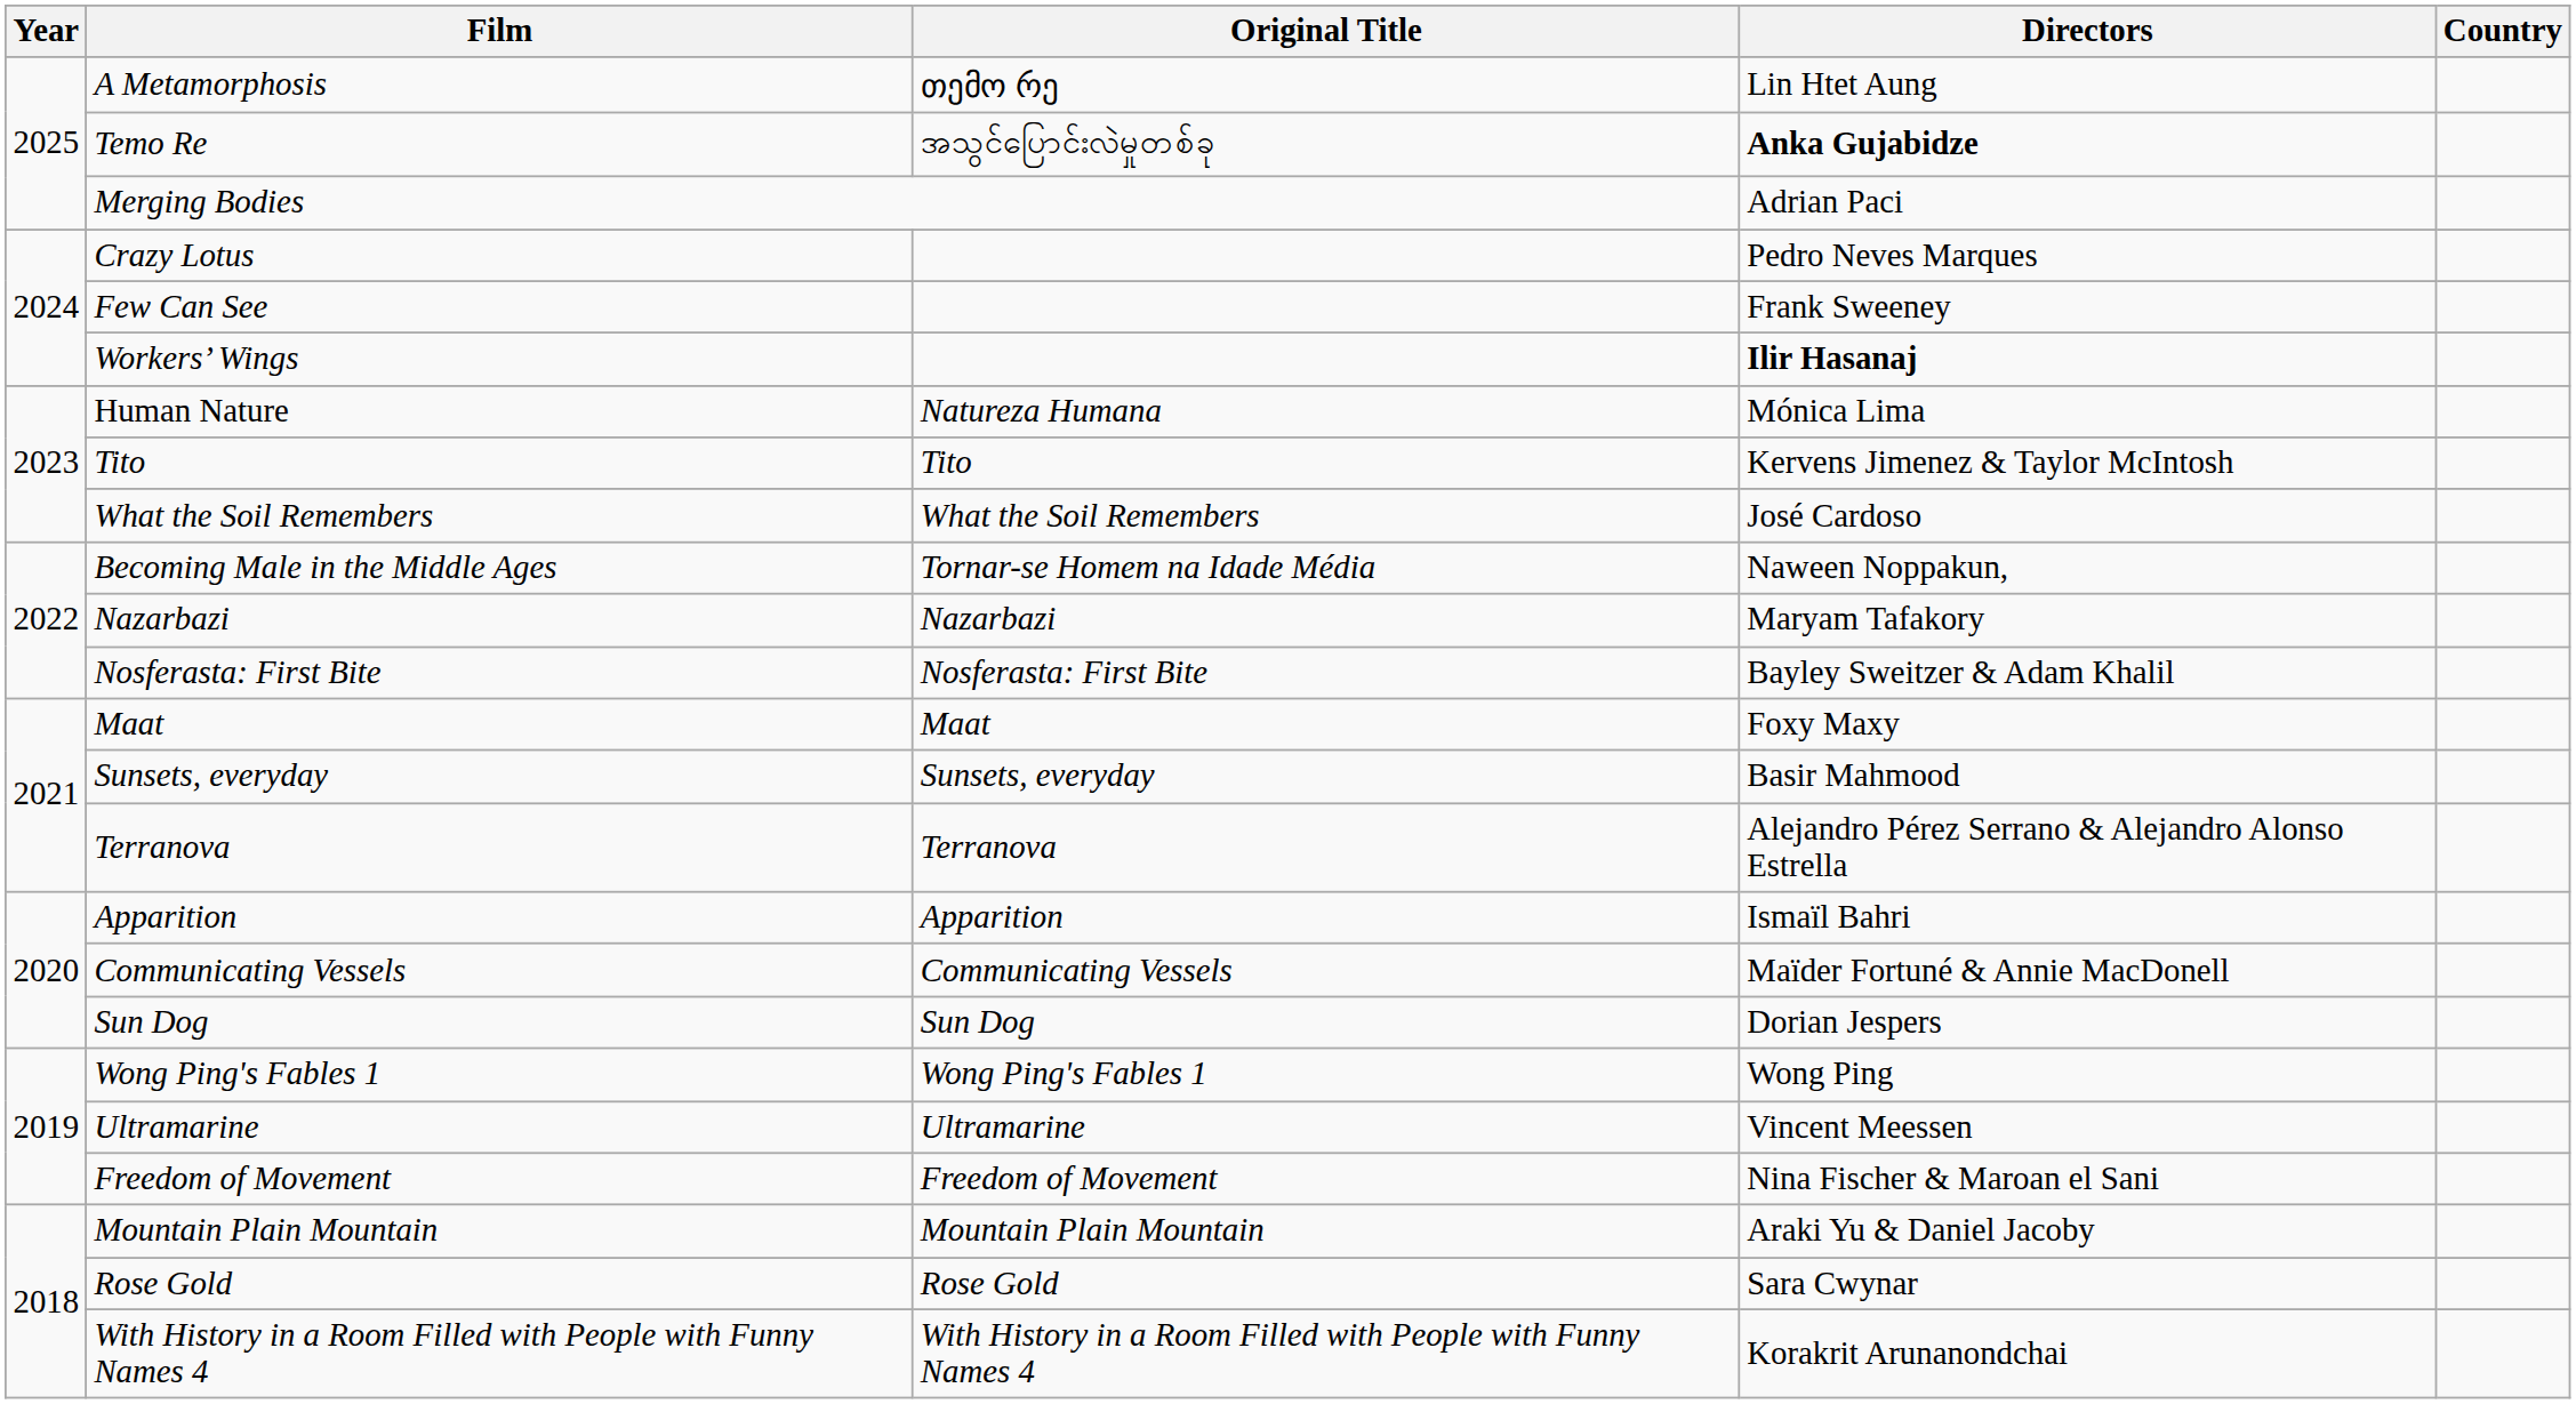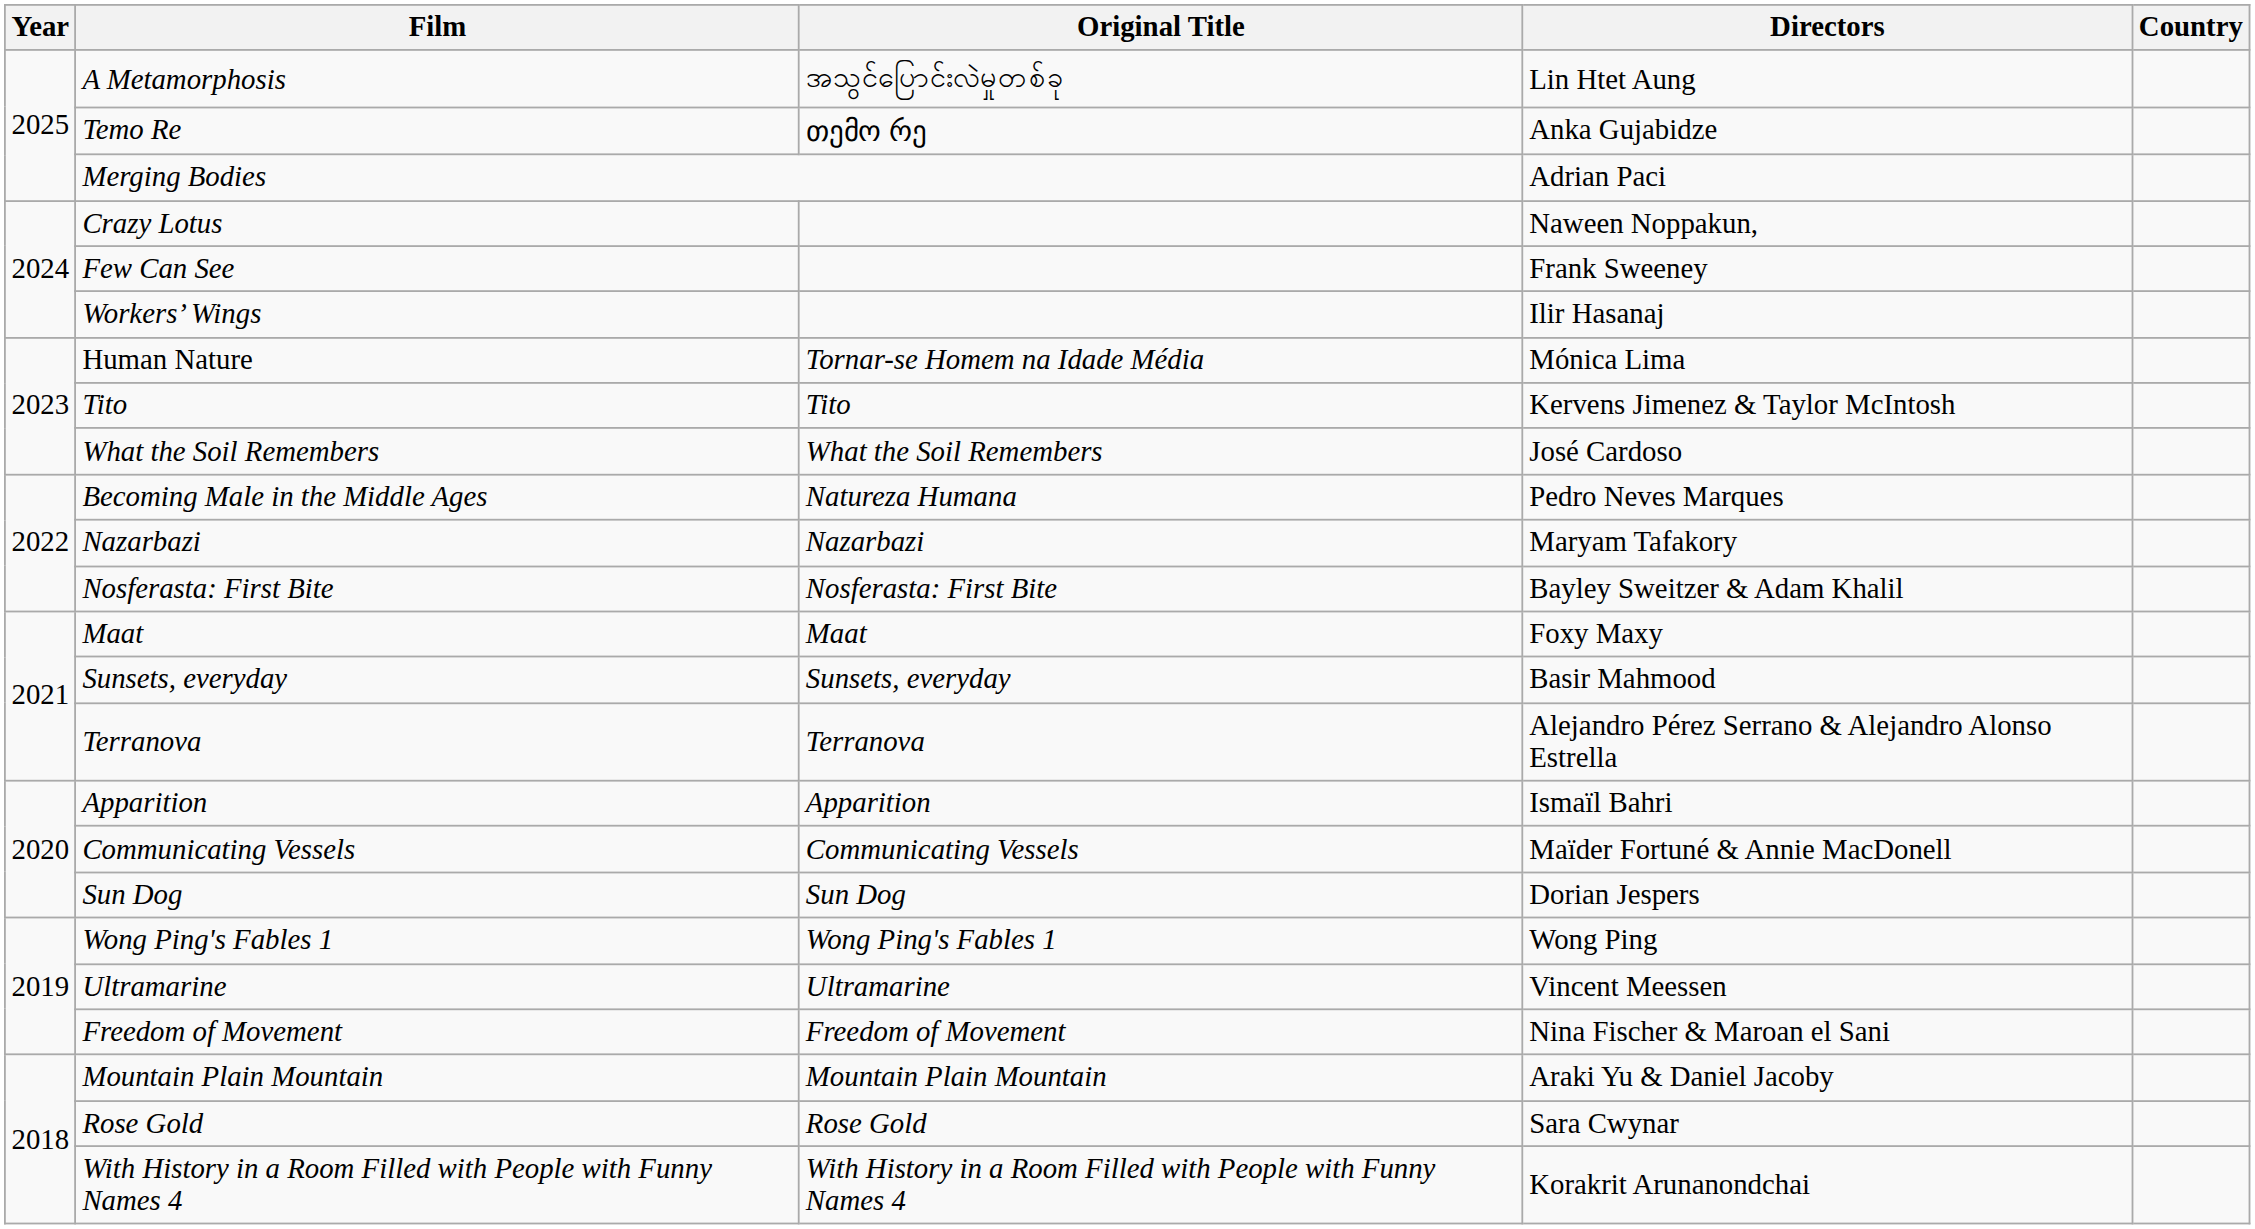 <table class="wikitable sortable">
 <tr>
 <th>Year</th>
 <th>Film</th>
 <th>Original Title</th>
 <th>Directors</th>
 <th>Country</th>
 </tr>
 <tr>
 <td rowspan="3">2025</td>
 <td><em>A Metamorphosis</em></td>
-<td>თემო რე</td>
+<td>အသွင်ပြောင်းလဲမှုတစ်ခု</td>
 <td>Lin Htet Aung</td>
 <td></td>
 </tr>
 <tr>
 <td><em>Temo Re</em></td>
-<td>အသွင်ပြောင်းလဲမှုတစ်ခု</td>
-<td><strong>Anka Gujabidze</strong></td>
+<td>თემო რე</td>
+<td>Anka Gujabidze</td>
 <td></td>
 </tr>
 <tr>
 <td colspan=2><em>Merging Bodies</em></td>
 <td>Adrian Paci</td>
 <td></td>
 </tr>
 <tr>
 <td rowspan="3">2024</td>
 <td><em>Crazy Lotus</em></td>
 <td></td>
-<td>Pedro Neves Marques</td>
+<td>Naween Noppakun,</td>
 <td></td>
 </tr>
 <tr>
 <td><em>Few Can See</em></td>
 <td></td>
 <td>Frank Sweeney</td>
 <td></td>
 </tr>
 <tr>
 <td><em>Workers’ Wings</em></td>
 <td></td>
-<td><strong>Ilir Hasanaj</strong></td>
+<td>Ilir Hasanaj</td>
 <td></td>
 </tr>
 <tr>
 <td rowspan="3">2023</td>
 <td>Human Nature</td>
-<td><em>Natureza Humana</em></td>
+<td><em>Tornar-se Homem na Idade Média</em></td>
 <td>Mónica Lima</td>
 <td><br></td>
 </tr>
 <tr>
 <td><em>Tito</em></td>
 <td><em>Tito</em></td>
 <td>Kervens Jimenez & Taylor McIntosh</td>
 <td></td>
 </tr>
 <tr>
 <td><em>What the Soil Remembers</em></td>
 <td><em>What the Soil Remembers</em></td>
 <td>José Cardoso</td>
 <td><br></td>
 </tr>
 <tr>
 <td rowspan="3">2022</td>
 <td><em>Becoming Male in the Middle Ages</em></td>
-<td><em>Tornar-se Homem na Idade Média</em></td>
-<td>Naween Noppakun,</td>
+<td><em>Natureza Humana</em></td>
+<td>Pedro Neves Marques</td>
 <td></td>
 </tr>
 <tr>
 <td><em>Nazarbazi</em></td>
 <td><em>Nazarbazi</em></td>
 <td>Maryam Tafakory</td>
 <td></td>
 </tr>
 <tr>
 <td><em>Nosferasta: First Bite</em></td>
 <td><em>Nosferasta: First Bite</em></td>
 <td>Bayley Sweitzer & Adam Khalil</td>
 <td></td>
 </tr>
 <tr>
 <td rowspan="3">2021</td>
 <td><em>Maat</em></td>
 <td><em>Maat</em></td>
 <td>Foxy Maxy</td>
 <td></td>
 </tr>
 <tr>
 <td><em>Sunsets, everyday </em></td>
 <td><em>Sunsets, everyday</em></td>
 <td>Basir Mahmood</td>
 <td></td>
 </tr>
 <tr>
 <td><em>Terranova</em></td>
 <td><em>Terranova</em></td>
 <td>Alejandro Pérez Serrano & Alejandro Alonso Estrella</td>
 <td></td>
 </tr>
 <tr>
 <td rowspan="3">2020</td>
 <td><em>Apparition</em></td>
 <td><em>Apparition</em></td>
 <td>Ismaïl Bahri</td>
 <td></td>
 </tr>
 <tr>
 <td><em>Communicating Vessels</em></td>
 <td><em>Communicating Vessels</em></td>
 <td>Maïder Fortuné & Annie MacDonell</td>
 <td></td>
 </tr>
 <tr>
 <td><em>Sun Dog</em></td>
 <td><em>Sun Dog</em></td>
 <td>Dorian Jespers</td>
 <td><br></td>
 </tr>
 <tr>
 <td rowspan="3">2019</td>
 <td><em>Wong Ping's Fables 1</em></td>
 <td><em>Wong Ping's Fables 1</em></td>
 <td>Wong Ping</td>
 <td></td>
 </tr>
 <tr>
 <td><em>Ultramarine </em></td>
 <td><em>Ultramarine</em></td>
 <td>Vincent Meessen</td>
 <td><br> </td>
 </tr>
 <tr>
 <td><em>Freedom of Movement</em></td>
 <td><em>Freedom of Movement</em></td>
 <td>Nina Fischer & Maroan el Sani</td>
 <td><br></td>
 </tr>
 <tr>
 <td rowspan="3">2018</td>
 <td><em>Mountain Plain Mountain</em></td>
 <td><em>Mountain Plain Mountain</em></td>
 <td>Araki Yu & Daniel Jacoby</td>
 <td></td>
 </tr>
 <tr>
 <td><em>Rose Gold </em></td>
 <td><em>Rose Gold</em></td>
 <td>Sara Cwynar</td>
 <td></td>
 </tr>
 <tr>
 <td><em>With History in a Room Filled with People with Funny Names 4</em></td>
 <td><em>With History in a Room Filled with People with Funny Names 4</em></td>
 <td>Korakrit Arunanondchai</td>
 <td></td>
 </tr>
 </table>
